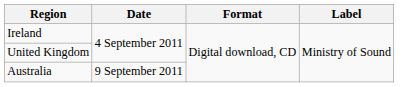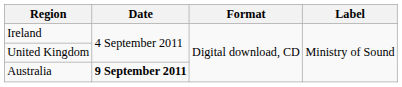 <table class="wikitable">
 <tr>
 <th scope="col">Region</th>
 <th scope="col">Date</th>
 <th scope="col">Format</th>
 <th scope="col">Label</th>
 </tr>
 <tr>
 <td>Ireland</td>
 <td rowspan="2">4 September 2011</td>
 <td rowspan="3">Digital download, CD</td>
 <td rowspan="3">Ministry of Sound</td>
 </tr>
 <tr>
 <td>United Kingdom</td>
 </tr>
 <tr>
 <td>Australia</td>
-<td>9 September 2011</td>
+<td><strong>9 September 2011</strong></td>
 </tr>
 </table>
